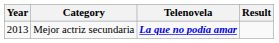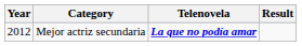 <table class="wikitable">
 <tr style="background:#b0c4de;">
 <th>Year</th>
 <th>Category</th>
 <th>Telenovela</th>
 <th>Result</th>
 </tr>
 <tr>
-<td>2013</td>
+<td>2012</td>
 <td>Mejor actriz secundaria</td>
 <td><strong><em><a href='#'>La que no podía amar</a></em></strong></td>
 <td></td>
 </tr>
 </table>
